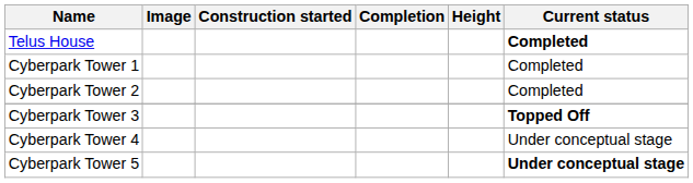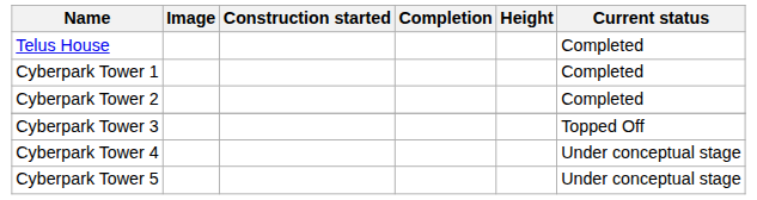 <table class="wikitable sortable" style="margin:1em auto; border:#999; background:#fff;">
 <tr>
 <th data-sort-type="text">Name</th>
 <th class="unsortable">Image</th>
 <th data-sort-type="isoDate">Construction started</th>
 <th data-sort-type="isoDate"><abbr>Completion</abbr></th>
 <th>Height</th>
 <th data-sort-type="number">Current status</th>
 </tr>
 <tr>
 <td><a href='#'>Telus House</a></td>
 <td align="center" style="padding:0px;"></td>
 <td data-sort-value="2006-04-27"></td>
 <td data-sort-value="2014-11-03"></td>
 <td></td>
-<td data-sort-value="2"><strong>Completed</strong></td>
+<td data-sort-value="2">Completed</td>
 </tr>
 <tr>
 <td>Cyberpark Tower 1</td>
 <td align="center" style="padding:0px;"> <br> </td>
 <td data-sort-value="2006-04-27"></td>
 <td data-sort-value="2014-11-03"></td>
 <td></td>
 <td data-sort-value="2">Completed</td>
 </tr>
 <tr>
 <td>Cyberpark Tower 2</td>
 <td align="center" style="padding:0px;"></td>
 <td data-sort-value="2006-04-27"></td>
 <td data-sort-value="2014-11-03"></td>
 <td></td>
 <td data-sort-value="2">Completed</td>
 </tr>
 <tr>
 </tr>
 <tr>
 <td>Cyberpark Tower 3</td>
 <td align="center" style="padding:0px;"></td>
 <td data-sort-value="2006-04-27"></td>
 <td data-sort-value="2014-11-03"></td>
 <td></td>
-<td data-sort-value="2"><strong>Topped Off</strong></td>
+<td data-sort-value="2">Topped Off</td>
 </tr>
 <tr>
 <td>Cyberpark Tower 4</td>
 <td align="center" style="padding:0px;"></td>
 <td data-sort-value="2006-04-27"></td>
 <td data-sort-value="2014-11-03"></td>
 <td></td>
 <td data-sort-value="2">Under conceptual stage</td>
 </tr>
 <tr>
 <td>Cyberpark Tower 5</td>
 <td align="center" style="padding:0px;"></td>
 <td data-sort-value="2006-04-27"></td>
 <td data-sort-value="2014-11-03"></td>
 <td></td>
-<td data-sort-value="2"><strong>Under conceptual stage</strong></td>
+<td data-sort-value="2">Under conceptual stage</td>
 </tr>
 </table>
